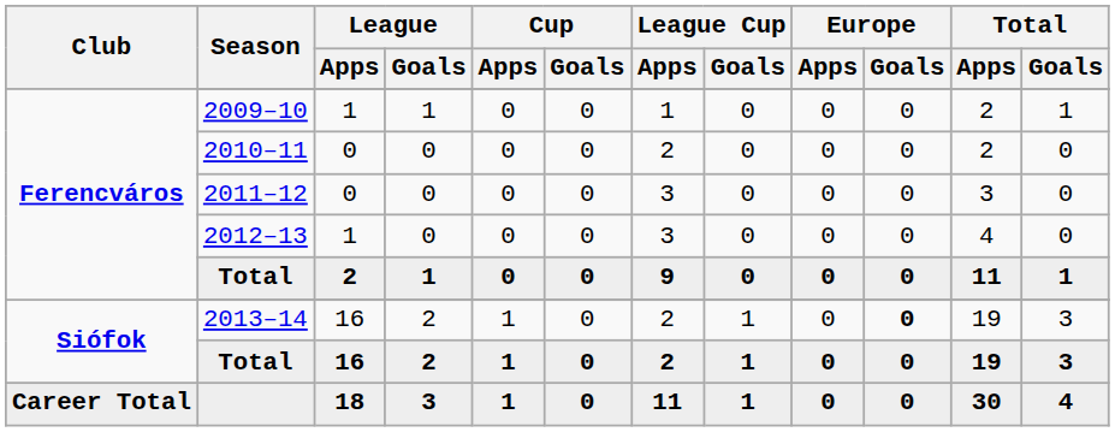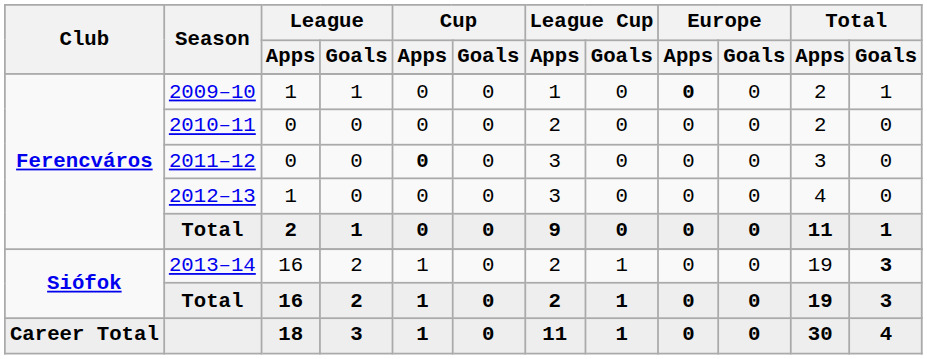 <table class="wikitable" style="font-size:90%; text-align: center;">
 <tr>
 <th rowspan="2">Club</th>
 <th rowspan="2">Season</th>
 <th colspan="2">League</th>
 <th colspan="2">Cup</th>
 <th colspan="2">League Cup</th>
 <th colspan="2">Europe</th>
 <th colspan="2">Total</th>
 </tr>
 <tr>
 <th>Apps</th>
 <th>Goals</th>
 <th>Apps</th>
 <th>Goals</th>
 <th>Apps</th>
 <th>Goals</th>
 <th>Apps</th>
 <th>Goals</th>
 <th>Apps</th>
 <th>Goals</th>
 </tr>
 <tr ||-||-||-|->
 <td rowspan="6" valign="center"><strong><a href='#'>Ferencváros</a></strong></td>
 </tr>
 <tr>
 <td><a href='#'>2009–10</a></td>
 <td>1</td>
 <td>1</td>
 <td>0</td>
 <td>0</td>
 <td>1</td>
 <td>0</td>
-<td>0</td>
+<td><strong>0</strong></td>
 <td>0</td>
 <td>2</td>
 <td>1</td>
 </tr>
 <tr>
 <td><a href='#'>2010–11</a></td>
 <td>0</td>
 <td>0</td>
 <td>0</td>
 <td>0</td>
 <td>2</td>
 <td>0</td>
 <td>0</td>
 <td>0</td>
 <td>2</td>
 <td>0</td>
 </tr>
 <tr>
 <td><a href='#'>2011–12</a></td>
 <td>0</td>
 <td>0</td>
-<td>0</td>
+<td><strong>0</strong></td>
 <td>0</td>
 <td>3</td>
 <td>0</td>
 <td>0</td>
 <td>0</td>
 <td>3</td>
 <td>0</td>
 </tr>
 <tr>
 <td><a href='#'>2012–13</a></td>
 <td>1</td>
 <td>0</td>
 <td>0</td>
 <td>0</td>
 <td>3</td>
 <td>0</td>
 <td>0</td>
 <td>0</td>
 <td>4</td>
 <td>0</td>
 </tr>
 <tr style="font-weight:bold; background-color:#eeeeee;">
 <td>Total</td>
 <td>2</td>
 <td>1</td>
 <td>0</td>
 <td>0</td>
 <td>9</td>
 <td>0</td>
 <td>0</td>
 <td>0</td>
 <td>11</td>
 <td>1</td>
 </tr>
 <tr>
 <td rowspan="3" valign="center"><strong><a href='#'>Siófok</a></strong></td>
 </tr>
 <tr>
 <td><a href='#'>2013–14</a></td>
 <td>16</td>
 <td>2</td>
 <td>1</td>
 <td>0</td>
 <td>2</td>
 <td>1</td>
 <td>0</td>
-<td><strong>0</strong></td>
+<td>0</td>
 <td>19</td>
-<td>3</td>
+<td><strong>3</strong></td>
 </tr>
 <tr style="font-weight:bold; background-color:#eeeeee;">
 <td>Total</td>
 <td>16</td>
 <td>2</td>
 <td>1</td>
 <td>0</td>
 <td>2</td>
 <td>1</td>
 <td>0</td>
 <td>0</td>
 <td>19</td>
 <td>3</td>
 </tr>
 <tr style="font-weight:bold; background-color:#eeeeee;">
 <td rowspan="1" valign="top"><strong>Career Total</strong></td>
 <td></td>
 <td><strong>18</strong></td>
 <td><strong>3</strong></td>
 <td><strong>1</strong></td>
 <td><strong>0</strong></td>
 <td><strong>11</strong></td>
 <td><strong>1</strong></td>
 <td><strong>0</strong></td>
 <td><strong>0</strong></td>
 <td><strong>30</strong></td>
 <td><strong>4</strong></td>
 </tr>
 </table>
